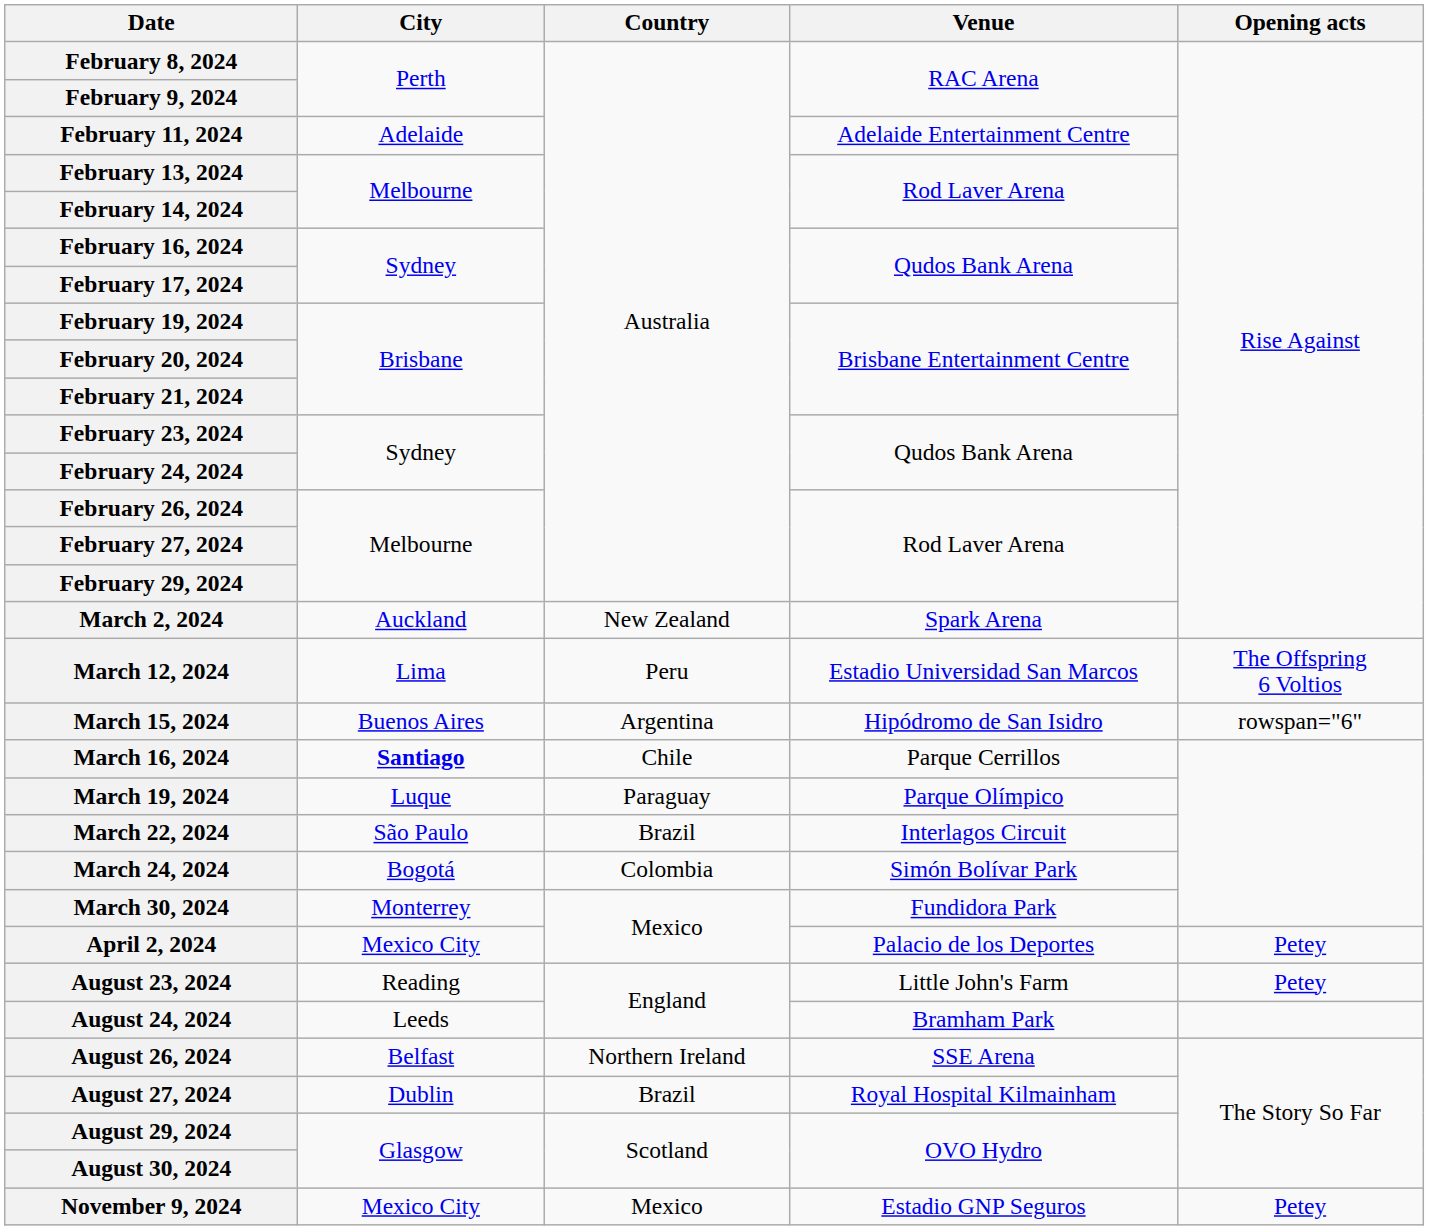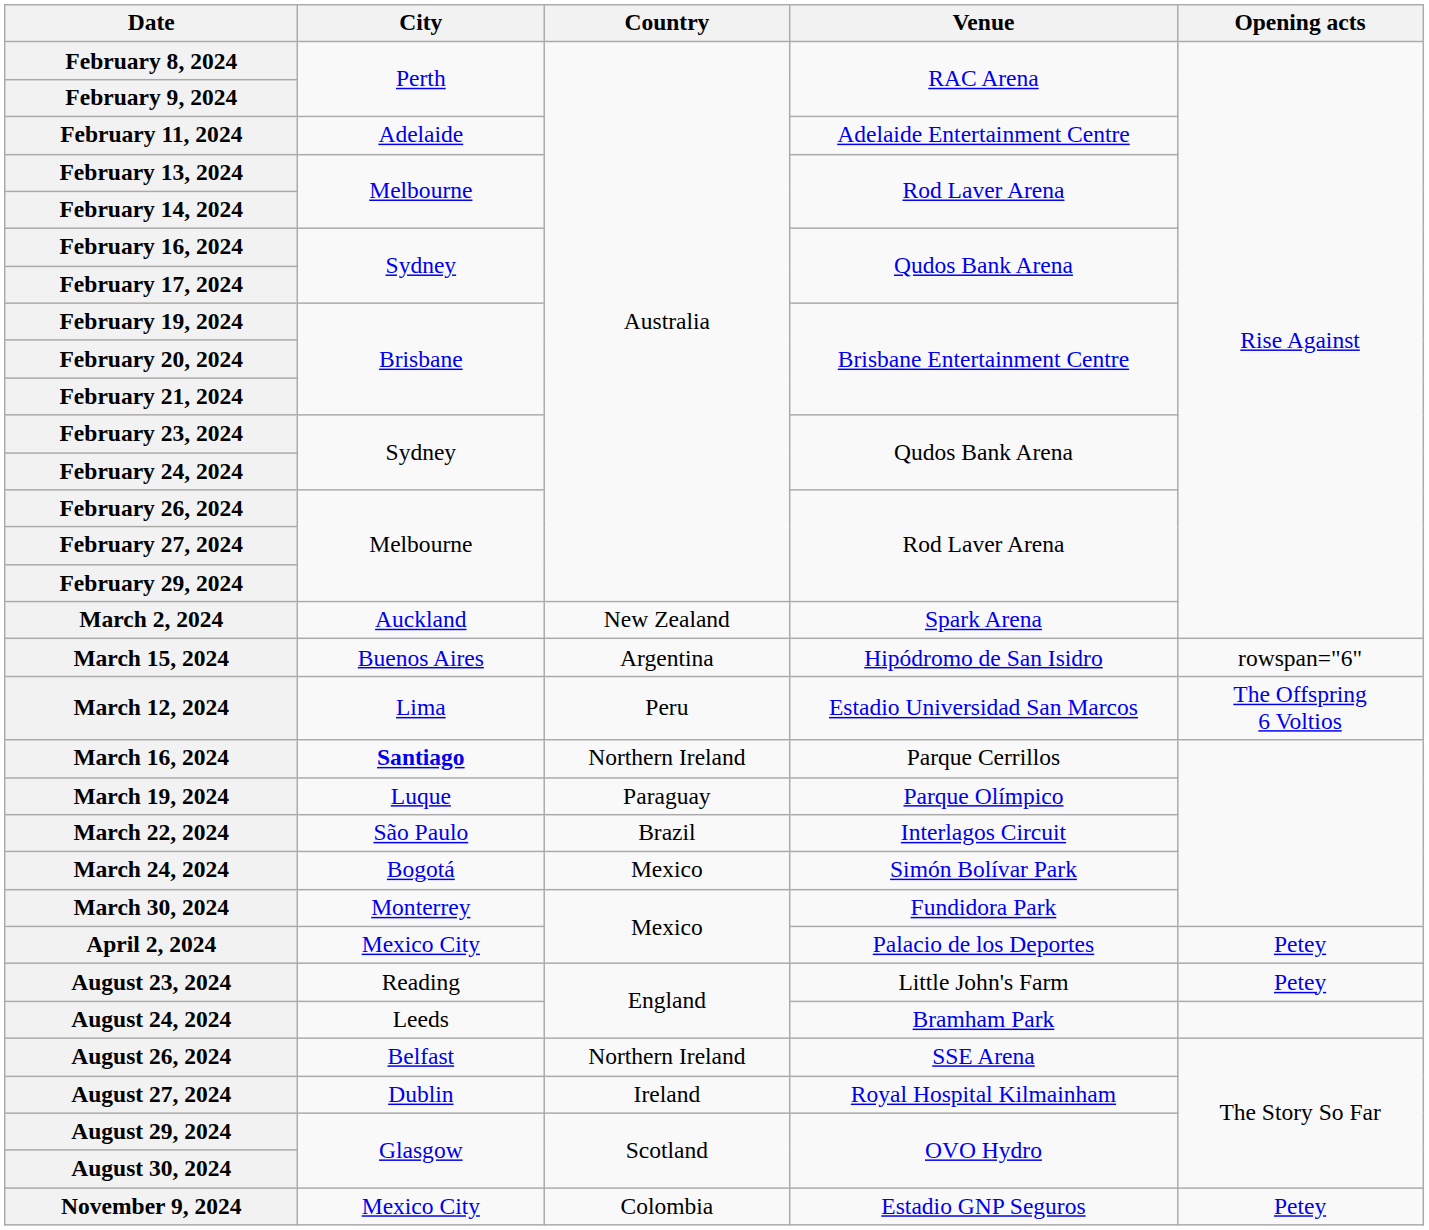 <table class="wikitable plainrowheaders" style="text-align:center;">
 <tr>
 <th scope="col" style="width:12em;">Date</th>
 <th scope="col" style="width:10em;">City</th>
 <th scope="col" style="width:10em;">Country</th>
 <th scope="col" style="width:16em;">Venue</th>
 <th scope="col" style="width:10em;">Opening acts</th>
 </tr>
 <tr>
 <th scope="row">February 8, 2024</th>
 <td rowspan="2"><a href='#'>Perth</a></td>
 <td rowspan="15">Australia</td>
 <td rowspan="2"><a href='#'>RAC Arena</a></td>
 <td rowspan="16"><a href='#'>Rise Against</a></td>
 </tr>
 <tr>
 <th scope="row">February 9, 2024</th>
 </tr>
 <tr>
 <th scope="row">February 11, 2024</th>
 <td><a href='#'>Adelaide</a></td>
 <td><a href='#'>Adelaide Entertainment Centre</a></td>
 </tr>
 <tr>
 <th scope="row">February 13, 2024</th>
 <td rowspan="2"><a href='#'>Melbourne</a></td>
 <td rowspan="2"><a href='#'>Rod Laver Arena</a></td>
 </tr>
 <tr>
 <th scope="row">February 14, 2024</th>
 </tr>
 <tr>
 <th scope="row">February 16, 2024</th>
 <td rowspan="2"><a href='#'>Sydney</a></td>
 <td rowspan="2"><a href='#'>Qudos Bank Arena</a></td>
 </tr>
 <tr>
 <th scope="row">February 17, 2024</th>
 </tr>
 <tr>
 <th scope="row">February 19, 2024</th>
 <td rowspan="3"><a href='#'>Brisbane</a></td>
 <td rowspan="3"><a href='#'>Brisbane Entertainment Centre</a></td>
 </tr>
 <tr>
 <th scope="row">February 20, 2024</th>
 </tr>
 <tr>
 <th scope="row">February 21, 2024</th>
 </tr>
 <tr>
 <th scope="row">February 23, 2024</th>
 <td rowspan="2">Sydney</td>
 <td rowspan="2">Qudos Bank Arena</td>
 </tr>
 <tr>
 <th scope="row">February 24, 2024</th>
 </tr>
 <tr>
 <th scope="row">February 26, 2024</th>
 <td rowspan="3">Melbourne</td>
 <td rowspan="3">Rod Laver Arena</td>
 </tr>
 <tr>
 <th scope="row">February 27, 2024</th>
 </tr>
 <tr>
 <th scope="row">February 29, 2024</th>
 </tr>
 <tr>
 <th scope="row">March 2, 2024</th>
 <td><a href='#'>Auckland</a></td>
 <td>New Zealand</td>
 <td><a href='#'>Spark Arena</a></td>
 </tr>
 <tr>
+<th scope="row">March 15, 2024</th>
+<td><a href='#'>Buenos Aires</a></td>
+<td>Argentina</td>
+<td><a href='#'>Hipódromo de San Isidro</a></td>
+<td>rowspan="6" </td>
+</tr>
+<tr>
 <th scope="row">March 12, 2024</th>
 <td><a href='#'>Lima</a></td>
 <td>Peru</td>
 <td><a href='#'>Estadio Universidad San Marcos</a></td>
 <td><a href='#'>The Offspring</a><br><a href='#'>6 Voltios</a></td>
 </tr>
 <tr>
-<th scope="row">March 15, 2024</th>
-<td><a href='#'>Buenos Aires</a></td>
-<td>Argentina</td>
-<td><a href='#'>Hipódromo de San Isidro</a></td>
-<td>rowspan="6" </td>
-</tr>
-<tr>
 <th scope="row">March 16, 2024</th>
 <td><strong><a href='#'>Santiago</a></strong></td>
-<td>Chile</td>
+<td>Northern Ireland</td>
 <td>Parque Cerrillos</td>
 </tr>
 <tr>
 <th scope="row">March 19, 2024</th>
 <td><a href='#'>Luque</a></td>
 <td>Paraguay</td>
 <td><a href='#'>Parque Olímpico</a></td>
 </tr>
 <tr>
 <th scope="row">March 22, 2024</th>
 <td><a href='#'>São Paulo</a></td>
 <td>Brazil</td>
 <td><a href='#'>Interlagos Circuit</a></td>
 </tr>
 <tr>
 <th scope="row">March 24, 2024</th>
 <td><a href='#'>Bogotá</a></td>
-<td>Colombia</td>
+<td>Mexico</td>
 <td><a href='#'>Simón Bolívar Park</a></td>
 </tr>
 <tr>
 <th scope="row">March 30, 2024</th>
 <td><a href='#'>Monterrey</a></td>
 <td rowspan="2">Mexico</td>
 <td><a href='#'>Fundidora Park</a></td>
 </tr>
 <tr>
 <th scope="row">April 2, 2024</th>
 <td><a href='#'>Mexico City</a></td>
 <td><a href='#'>Palacio de los Deportes</a></td>
 <td><a href='#'>Petey</a></td>
 </tr>
 <tr>
 <th scope="row">August 23, 2024</th>
 <td>Reading</td>
 <td rowspan="2">England</td>
 <td>Little John's Farm</td>
 <td><a href='#'>Petey</a></td>
 </tr>
 <tr>
 <th scope="row">August 24, 2024</th>
 <td>Leeds</td>
 <td><a href='#'>Bramham Park</a></td>
 </tr>
 <tr>
 <th scope="row">August 26, 2024</th>
 <td><a href='#'>Belfast</a></td>
 <td>Northern Ireland</td>
 <td><a href='#'>SSE Arena</a></td>
 <td rowspan="4">The Story So Far</td>
 </tr>
 <tr>
 <th scope="row">August 27, 2024</th>
 <td><a href='#'>Dublin</a></td>
-<td>Brazil</td>
+<td>Ireland</td>
 <td><a href='#'>Royal Hospital Kilmainham</a></td>
 </tr>
 <tr>
 <th scope="row">August 29, 2024</th>
 <td rowspan="2"><a href='#'>Glasgow</a></td>
 <td rowspan="2">Scotland</td>
 <td rowspan="2"><a href='#'>OVO Hydro</a></td>
 </tr>
 <tr>
 <th scope="row">August 30, 2024</th>
 </tr>
 <tr>
 <th scope="row">November 9, 2024</th>
 <td><a href='#'>Mexico City</a></td>
-<td>Mexico</td>
+<td>Colombia</td>
 <td><a href='#'>Estadio GNP Seguros</a></td>
 <td><a href='#'>Petey</a></td>
 </tr>
 </table>
